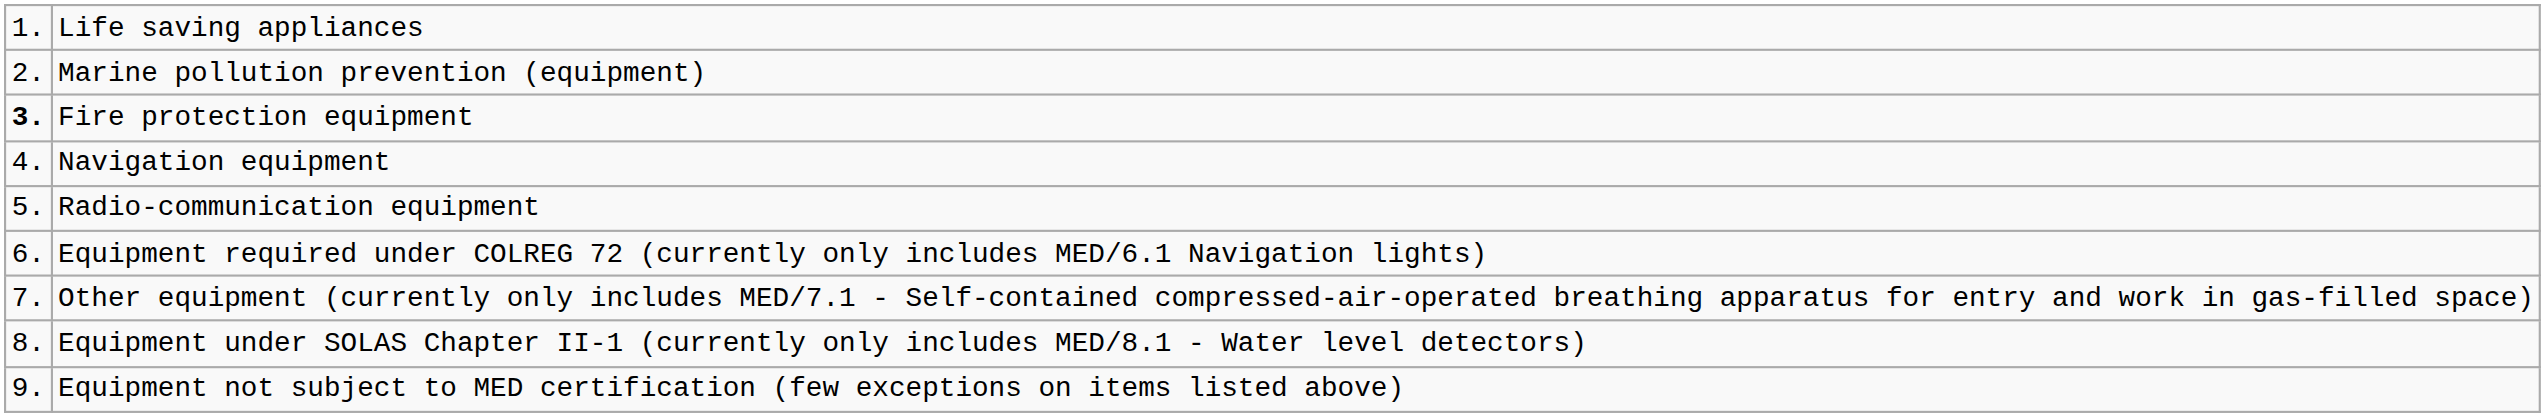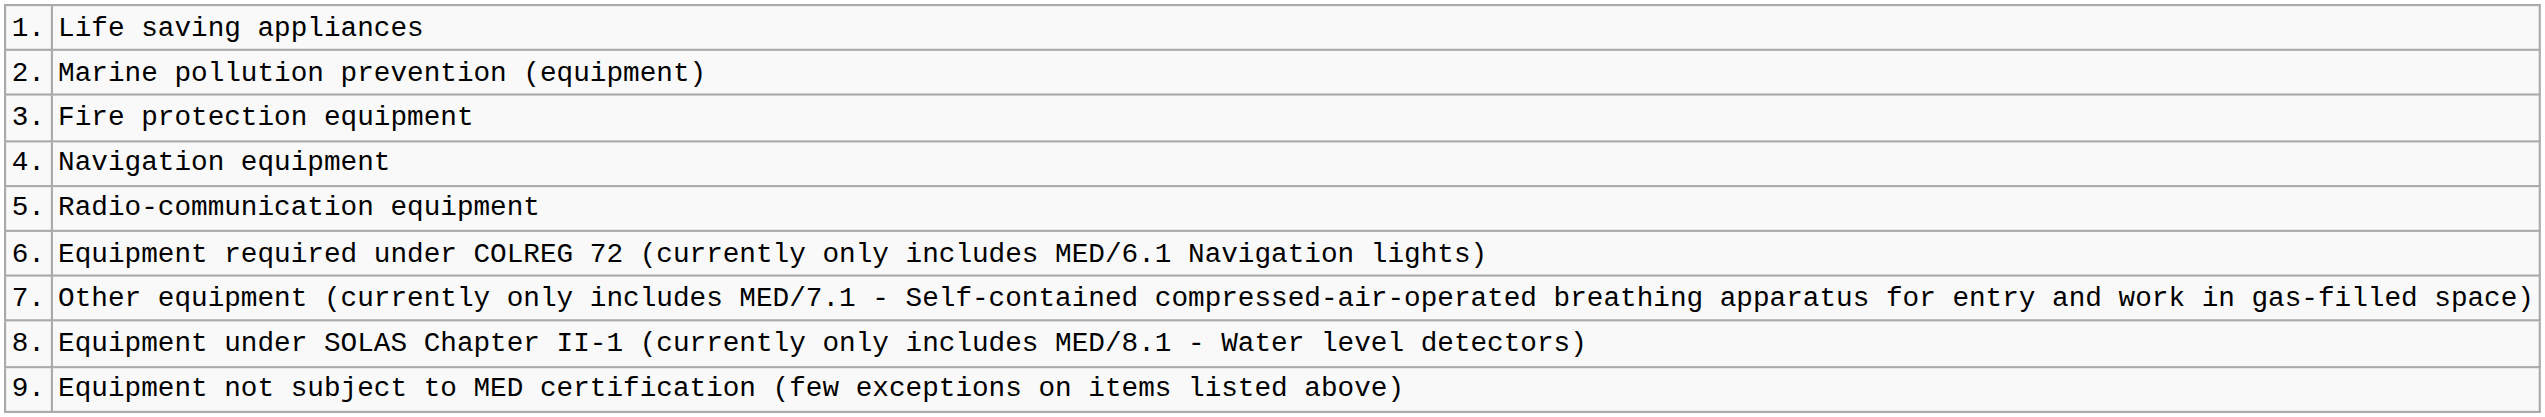 <table class="wikitable">
 <tr>
 <td>1.</td>
 <td>Life saving appliances</td>
 </tr>
 <tr>
 <td>2.</td>
 <td>Marine pollution prevention (equipment)</td>
 </tr>
 <tr>
-<td><strong>3.</strong></td>
+<td>3.</td>
 <td>Fire protection equipment</td>
 </tr>
 <tr>
 <td>4.</td>
 <td>Navigation equipment</td>
 </tr>
 <tr>
 <td>5.</td>
 <td>Radio-communication equipment</td>
 </tr>
 <tr>
 <td>6.</td>
 <td>Equipment required under COLREG 72 (currently only includes MED/6.1 Navigation lights)</td>
 </tr>
 <tr>
 <td>7.</td>
 <td>Other equipment (currently only includes MED/7.1 - Self-contained compressed-air-operated breathing apparatus for entry and work in gas-filled space)</td>
 </tr>
 <tr>
 <td>8.</td>
 <td>Equipment under SOLAS Chapter II-1 (currently only includes MED/8.1 - Water level detectors)</td>
 </tr>
 <tr>
 <td>9.</td>
 <td>Equipment not subject to MED certification (few exceptions on items listed above)</td>
 </tr>
 </table>
